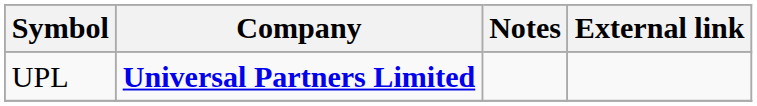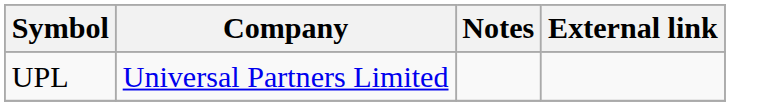 <table class="wikitable sortable">
 <tr>
 <th>Symbol</th>
 <th>Company</th>
 <th>Notes</th>
 <th>External link</th>
 </tr>
 <tr>
 <td>UPL</td>
-<td><strong><a href='#'>Universal Partners Limited</a></strong></td>
+<td><a href='#'>Universal Partners Limited</a></td>
 <td></td>
 <td></td>
 </tr>
 <tr>
 </tr>
 </table>
